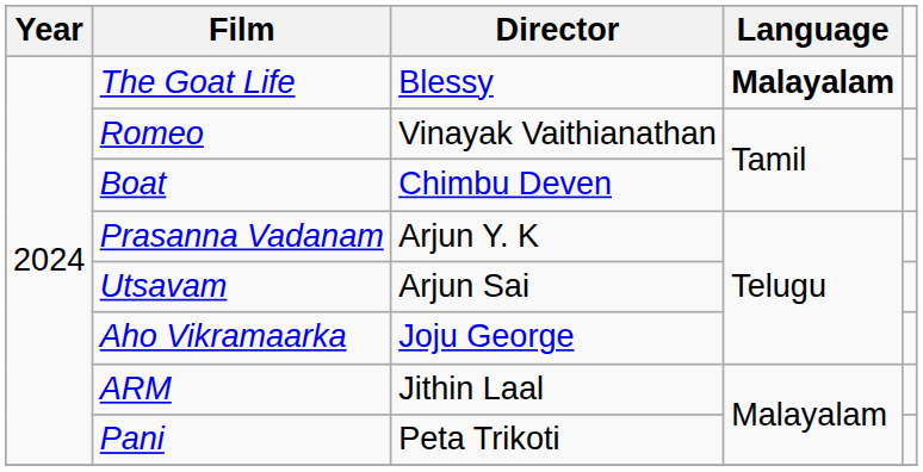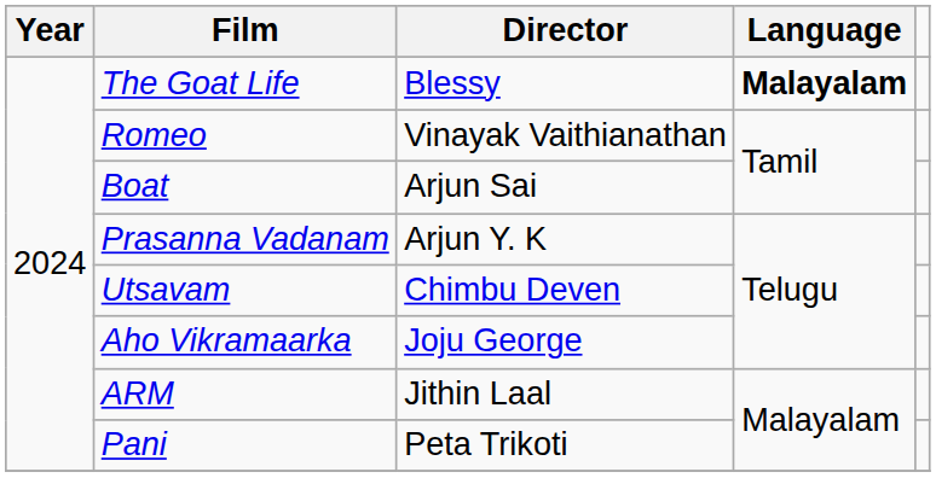 <table class="wikitable sortable plainrowheaders">
 <tr style="text-align:center;">
 <th scope="col">Year</th>
 <th scope="col">Film</th>
 <th scope="col">Director</th>
 <th scope="col">Language</th>
 <td></td>
 </tr>
 <tr>
 <td rowspan="8">2024</td>
 <td><em><a href='#'>The Goat Life</a></em></td>
 <td><a href='#'>Blessy</a></td>
 <td><strong>Malayalam</strong></td>
 <td></td>
 </tr>
 <tr>
 <td><em><a href='#'>Romeo</a></em></td>
 <td>Vinayak Vaithianathan</td>
 <td rowspan="2">Tamil</td>
 <td></td>
 </tr>
 <tr>
 <td><em><a href='#'>Boat</a></em></td>
-<td><a href='#'>Chimbu Deven</a></td>
+<td>Arjun Sai</td>
 <td></td>
 </tr>
 <tr>
 <td><em><a href='#'>Prasanna Vadanam</a></em></td>
 <td>Arjun Y. K</td>
 <td rowspan="3">Telugu</td>
 <td></td>
 </tr>
 <tr>
 <td><em><a href='#'>Utsavam</a></em></td>
-<td>Arjun Sai</td>
+<td><a href='#'>Chimbu Deven</a></td>
 <td></td>
 </tr>
 <tr>
 <td><em><a href='#'>Aho Vikramaarka</a></em></td>
 <td><a href='#'>Joju George</a></td>
 <td></td>
 </tr>
 <tr>
 <td><em><a href='#'>ARM</a></em></td>
 <td>Jithin Laal</td>
 <td rowspan="2">Malayalam</td>
 <td></td>
 </tr>
 <tr>
 <td><em><a href='#'>Pani</a></em></td>
 <td>Peta Trikoti</td>
 <td></td>
 </tr>
 <tr>
 </tr>
 </table>
